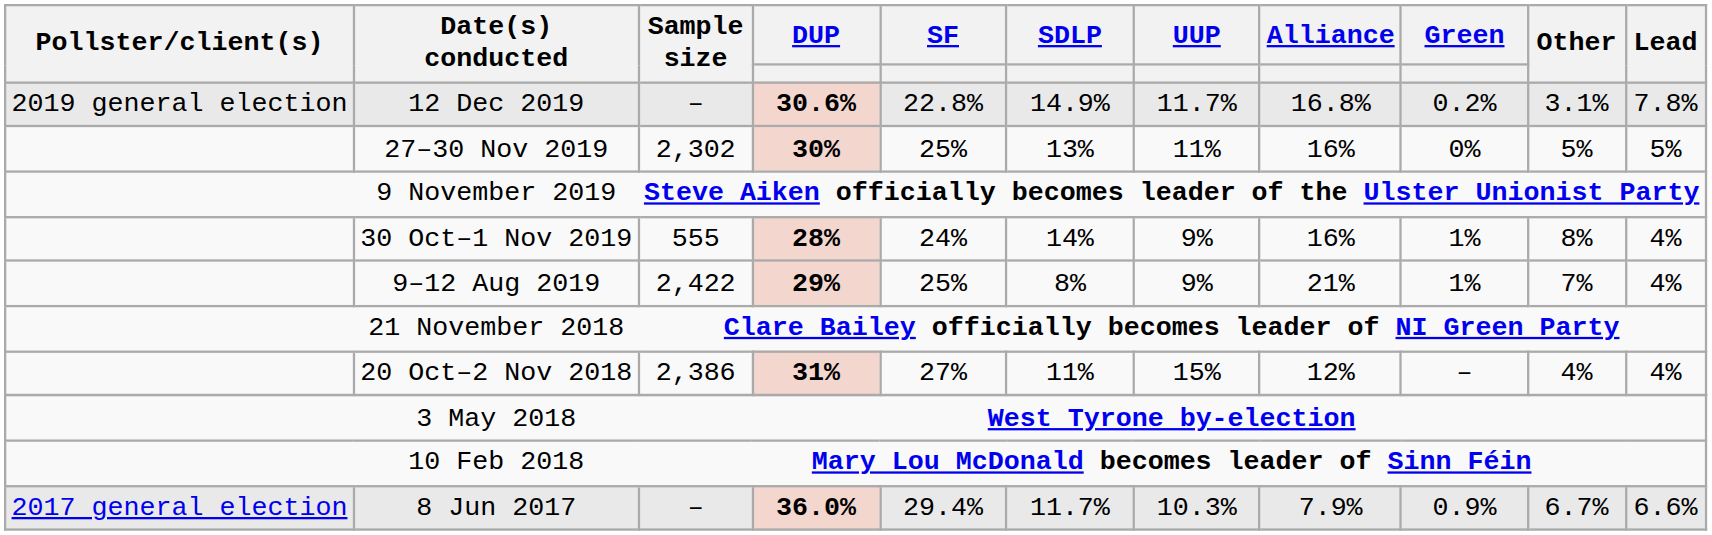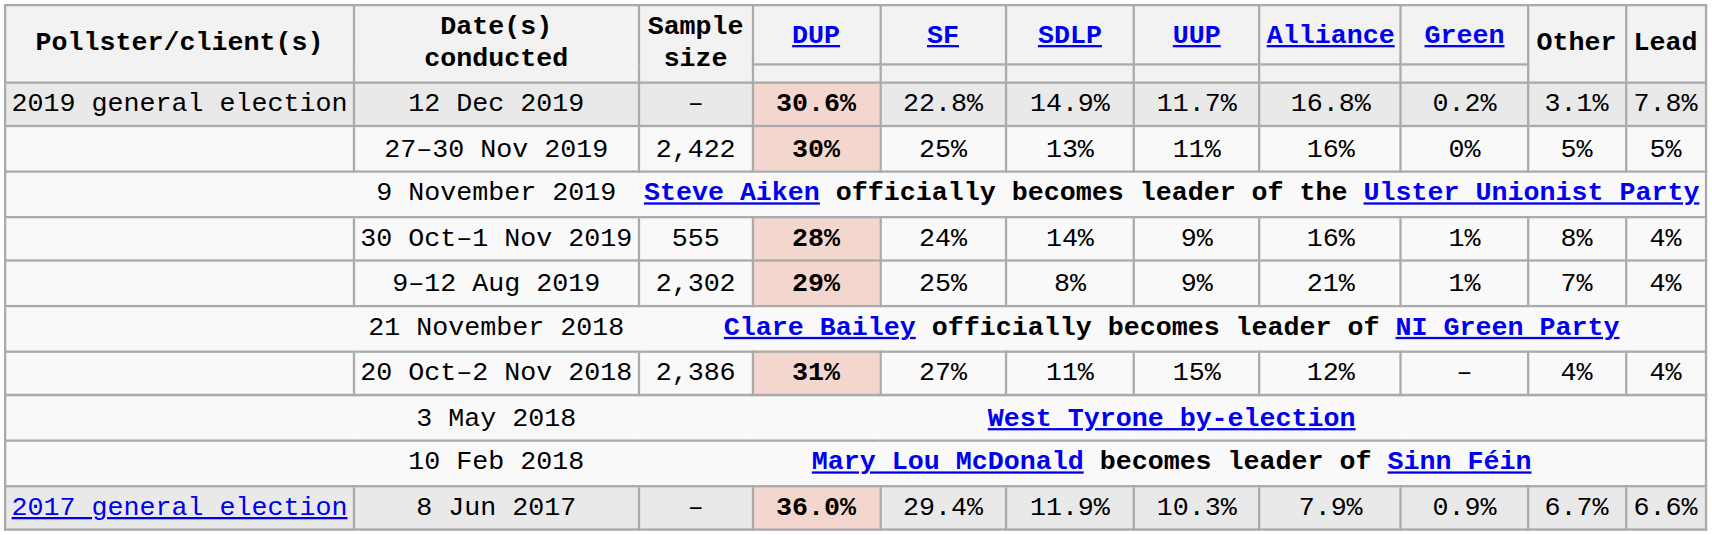 <table class="wikitable sortable" style="text-align:center;font-size:90%;line-height:14px;">
 <tr>
 <th rowspan="2">Pollster/client(s)</th>
 <th rowspan="2">Date(s)<br>conducted</th>
 <th data-sort-type="number" rowspan="2">Sample<br>size</th>
 <th class="unsortable" style="width:50px;"><a href='#'>DUP</a></th>
 <th class="unsortable" style="width:50px;"><a href='#'>SF</a></th>
 <th class="unsortable" style="width:50px;"><a href='#'>SDLP</a></th>
 <th class="unsortable" style="width:50px;"><a href='#'>UUP</a></th>
 <th class="unsortable" style="width:50px;"><a href='#'>Alliance</a></th>
 <th class="unsortable" style="width:50px;"><a href='#'>Green</a></th>
 <th class="unsortable" rowspan="2">Other</th>
 <th data-sort-type="number" rowspan="2">Lead</th>
 </tr>
 <tr>
 <th data-sort-type="number" style="background:"></th>
 <th data-sort-type="number" style="background:"></th>
 <th data-sort-type="number" style="background:"></th>
 <th data-sort-type="number" style="background:"></th>
 <th data-sort-type="number" style="background:"></th>
 <th data-sort-type="number" style="background:"></th>
 </tr>
 <tr style="background:#E9E9E9;">
 <td>2019 general election</td>
 <td data-sort-value="2017-06-08">12 Dec 2019</td>
 <td>–</td>
 <td style="background:#F3D6CE;"><strong>30.6%</strong></td>
 <td>22.8%</td>
 <td>14.9%</td>
 <td>11.7%</td>
 <td>16.8%</td>
 <td>0.2%</td>
 <td>3.1%</td>
 <td style="background:">7.8%</td>
 </tr>
 <tr>
 <td></td>
 <td data-sort-value="2019-11-01">27–30 Nov 2019</td>
-<td>2,302</td>
+<td>2,422</td>
 <td style="background:#F3D6CE;"><strong>30%</strong></td>
 <td>25%</td>
 <td>13%</td>
 <td>11%</td>
 <td>16%</td>
 <td>0%</td>
 <td>5%</td>
 <td style="background:">5%</td>
 </tr>
 <tr>
 <td style="border-right-style:hidden;"></td>
 <td style="border-right-style:hidden;" data-sort-value="2019-05-23">9 November 2019</td>
 <td style="font-weight:bold;" colspan="11"><a href='#'>Steve Aiken</a> officially becomes leader of the <a href='#'>Ulster Unionist Party</a></td>
 </tr>
 <tr>
 <td></td>
 <td data-sort-value="2019-11-01">30 Oct–1 Nov 2019</td>
 <td>555</td>
 <td style="background:#F3D6CE;"><strong>28%</strong></td>
 <td>24%</td>
 <td>14%</td>
 <td>9%</td>
 <td>16%</td>
 <td>1%</td>
 <td>8% </td>
 <td style="background:">4%</td>
 </tr>
 <tr>
 <td></td>
 <td data-sort-value="2019-08-12">9–12 Aug 2019</td>
-<td>2,422</td>
+<td>2,302</td>
 <td style="background:#F3D6CE;"><strong>29%</strong></td>
 <td>25%</td>
 <td>8%</td>
 <td>9%</td>
 <td>21%</td>
 <td>1%</td>
 <td>7%</td>
 <td style="background:">4%</td>
 </tr>
 <tr>
 <td style="border-right-style:hidden;"></td>
 <td style="border-right-style:hidden;" data-sort-value="2019-05-23">21 November 2018</td>
 <td style="font-weight:bold;" colspan="11"><a href='#'>Clare Bailey</a> officially becomes leader of  <a href='#'>NI Green Party</a></td>
 </tr>
 <tr>
 <td></td>
 <td data-sort-value="2018-11-02">20 Oct–2 Nov 2018</td>
 <td>2,386</td>
 <td style="background:#F3D6CE;"><strong>31%</strong></td>
 <td>27%</td>
 <td>11%</td>
 <td>15%</td>
 <td>12%</td>
 <td>–</td>
 <td>4%</td>
 <td style="background:">4%</td>
 </tr>
 <tr style="background:#E9E9E9;">
 </tr>
 <tr style="background:#E9E9E9;">
 </tr>
 <tr>
 <td style="border-right-style:hidden;"></td>
 <td style="border-right-style:hidden;" data-sort-value="2018-05-03">3 May 2018</td>
 <td style="font-weight:bold;" colspan="12"><a href='#'>West Tyrone by-election</a></td>
 </tr>
 <tr>
 <td style="border-right-style:hidden;"></td>
 <td style="border-right-style:hidden;" data-sort-value="2018-02-10">10 Feb 2018</td>
 <td style="font-weight:bold;" colspan="12"><a href='#'>Mary Lou McDonald</a> becomes leader of <a href='#'>Sinn Féin</a></td>
 </tr>
 <tr style="background:#E9E9E9;">
 <td><a href='#'>2017 general election</a></td>
 <td data-sort-value="2017-06-08">8 Jun 2017</td>
 <td>–</td>
 <td style="background:#F3D6CE;"><strong>36.0%</strong></td>
 <td>29.4%</td>
-<td>11.7%</td>
+<td>11.9%</td>
 <td>10.3%</td>
 <td>7.9%</td>
 <td>0.9%</td>
 <td>6.7%</td>
 <td style="background:">6.6%</td>
 </tr>
 </table>
